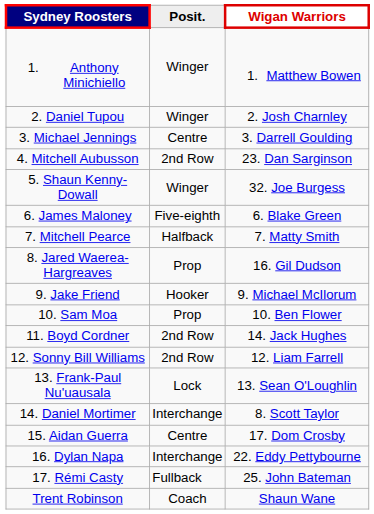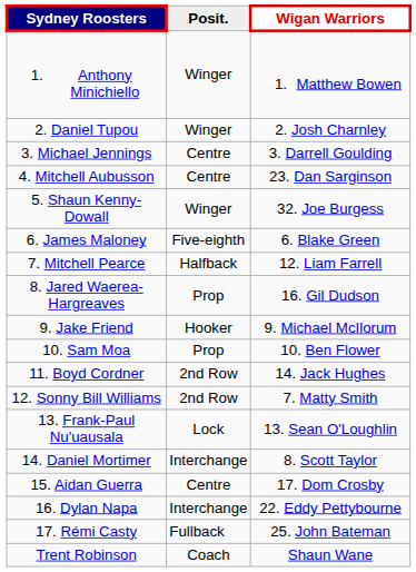 <table class="wikitable" style="margin: 1em auto 1em auto">
 <tr>
 <th align="centre" width="163" style="border: 3px solid red; background: navy; color: white">Sydney Roosters</th>
 <th align="center" style="background: #eeeeee; color: black">Posit.</th>
 <th align="centre" width="163" style="border: 3px solid #DD0000; background: white; color: #DD0000">Wigan Warriors</th>
 </tr>
 <tr style="text-align:center;">
 <td><br><ol><li><a href='#'>Anthony Minichiello</a> </li></ol></td>
 <td>Winger</td>
 <td><br><ol><li><a href='#'>Matthew Bowen</a></li></ol></td>
 </tr>
 <tr style="text-align:center;">
 <td>2. <a href='#'>Daniel Tupou</a></td>
 <td>Winger</td>
 <td>2. <a href='#'>Josh Charnley</a></td>
 </tr>
 <tr style="text-align:center;">
 <td>3. <a href='#'>Michael Jennings</a></td>
 <td>Centre</td>
 <td>3. <a href='#'>Darrell Goulding</a></td>
 </tr>
 <tr style="text-align:center;">
 <td>4. <a href='#'>Mitchell Aubusson</a></td>
-<td>2nd Row</td>
+<td>Centre</td>
 <td>23. <a href='#'>Dan Sarginson</a></td>
 </tr>
 <tr>
 <td style="text-align:center;">5. <a href='#'>Shaun Kenny-Dowall</a></td>
 <td style="text-align:center;">Winger</td>
 <td style="text-align:center;">32. <a href='#'>Joe Burgess</a></td>
 </tr>
 <tr style="text-align:center;">
 <td>6. <a href='#'>James Maloney</a></td>
 <td>Five-eighth</td>
 <td>6. <a href='#'>Blake Green</a></td>
 </tr>
 <tr style="text-align:center;">
 <td>7. <a href='#'>Mitchell Pearce</a></td>
 <td>Halfback</td>
-<td>7. <a href='#'>Matty Smith</a></td>
+<td>12. <a href='#'>Liam Farrell</a></td>
 </tr>
 <tr style="text-align:center;">
 <td>8. <a href='#'>Jared Waerea-Hargreaves</a></td>
 <td>Prop</td>
 <td>16. <a href='#'>Gil Dudson</a></td>
 </tr>
 <tr style="text-align:center;">
 <td>9. <a href='#'>Jake Friend</a></td>
 <td>Hooker</td>
 <td>9. <a href='#'>Michael McIlorum</a></td>
 </tr>
 <tr style="text-align:center;">
 <td>10. <a href='#'>Sam Moa</a></td>
 <td>Prop</td>
 <td>10. <a href='#'>Ben Flower</a></td>
 </tr>
 <tr style="text-align:center;">
 <td>11. <a href='#'>Boyd Cordner</a></td>
 <td>2nd Row</td>
 <td>14. <a href='#'>Jack Hughes</a></td>
 </tr>
 <tr style="text-align:center;">
 <td>12. <a href='#'>Sonny Bill Williams</a></td>
 <td>2nd Row</td>
-<td>12. <a href='#'>Liam Farrell</a></td>
+<td>7. <a href='#'>Matty Smith</a></td>
 </tr>
 <tr style="text-align:center;">
 <td>13. <a href='#'>Frank-Paul Nu'uausala</a></td>
 <td>Lock</td>
 <td>13. <a href='#'>Sean O'Loughlin</a> </td>
 </tr>
 <tr>
 <td style="text-align:center;">14. <a href='#'>Daniel Mortimer</a></td>
 <td style="text-align:center;">Interchange</td>
 <td style="text-align:center;">8. <a href='#'>Scott Taylor</a></td>
 </tr>
 <tr style="text-align:center;">
 <td>15. <a href='#'>Aidan Guerra</a></td>
 <td>Centre</td>
 <td>17. <a href='#'>Dom Crosby</a></td>
 </tr>
 <tr style="text-align:center;">
 <td>16. <a href='#'>Dylan Napa</a></td>
 <td>Interchange</td>
 <td>22. <a href='#'>Eddy Pettybourne</a></td>
 </tr>
 <tr>
 <td style="text-align:center;">17. <a href='#'>Rémi Casty</a></td>
 <td>Fullback</td>
 <td style="text-align:center;">25. <a href='#'>John Bateman</a></td>
 </tr>
 <tr>
 <td style="text-align:center;"><a href='#'>Trent Robinson</a></td>
 <td style="text-align:center;">Coach</td>
 <td style="text-align:center;"><a href='#'>Shaun Wane</a></td>
 </tr>
 </table>
